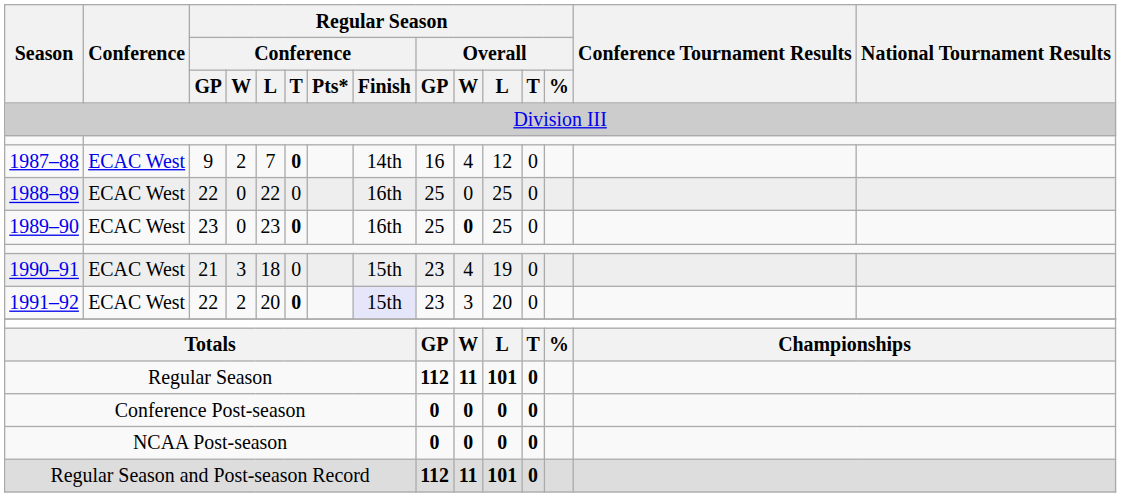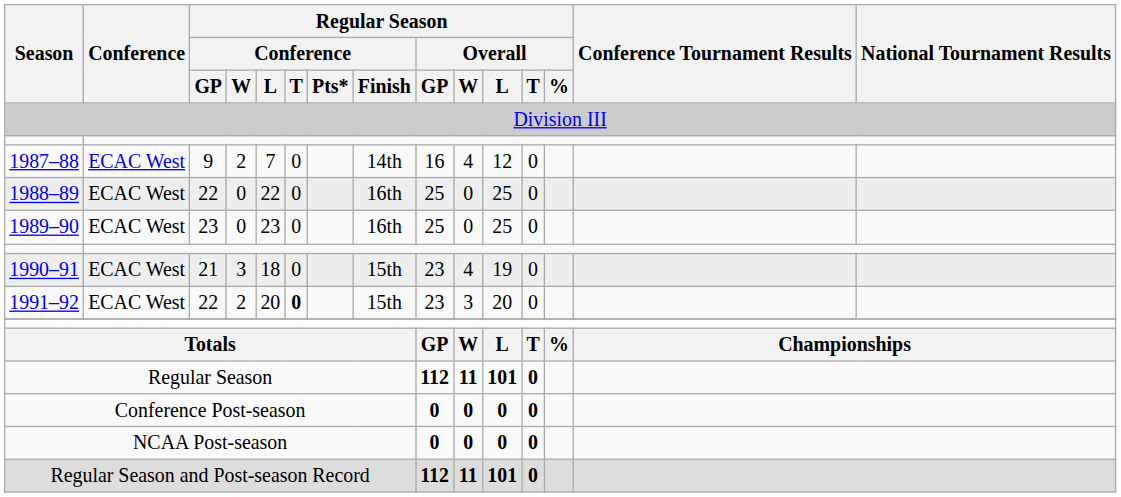 <table class="wikitable" style="text-align: center; font-size: 95%">
 <tr>
 <th rowspan="3">Season</th>
 <th rowspan="3">Conference</th>
 <th colspan="11">Regular Season</th>
 <th rowspan="3">Conference Tournament Results</th>
 <th rowspan="3">National Tournament Results</th>
 </tr>
 <tr>
 <th colspan="6">Conference</th>
 <th colspan="5">Overall</th>
 </tr>
 <tr>
 <th>GP</th>
 <th>W</th>
 <th>L</th>
 <th>T</th>
 <th>Pts*</th>
 <th>Finish</th>
 <th>GP</th>
 <th>W</th>
 <th>L</th>
 <th>T</th>
 <th>%</th>
 </tr>
 <tr>
 <td style="background:#cccccc;" colspan="15"><a href='#'>Division III</a></td>
 </tr>
 <tr>
 <td><a href='#'></a> </td>
 </tr>
 <tr>
 <td><a href='#'>1987–88</a></td>
 <td><a href='#'>ECAC West</a></td>
 <td>9</td>
 <td>2</td>
 <td>7</td>
-<td><strong>0</strong></td>
+<td>0</td>
 <td></td>
 <td>14th</td>
 <td>16</td>
 <td>4</td>
 <td>12</td>
 <td>0</td>
 <td></td>
 <td align="left"></td>
 <td align="left"></td>
 </tr>
 <tr bgcolor=eeeeee>
 <td><a href='#'>1988–89</a></td>
 <td>ECAC West</td>
 <td>22</td>
 <td>0</td>
 <td>22</td>
 <td>0</td>
 <td></td>
 <td>16th</td>
 <td>25</td>
 <td>0</td>
 <td>25</td>
 <td>0</td>
 <td></td>
 <td align="left"></td>
 <td align="left"></td>
 </tr>
 <tr>
 <td><a href='#'>1989–90</a></td>
 <td>ECAC West</td>
 <td>23</td>
 <td>0</td>
 <td>23</td>
-<td><strong>0</strong></td>
+<td>0</td>
 <td></td>
 <td>16th</td>
 <td>25</td>
-<td><strong>0</strong></td>
+<td>0</td>
 <td>25</td>
 <td>0</td>
 <td></td>
 <td align="left"></td>
 <td align="left"></td>
 </tr>
 <tr>
 <td><a href='#'></a> </td>
 </tr>
 <tr bgcolor=eeeeee>
 <td><a href='#'>1990–91</a></td>
 <td>ECAC West</td>
 <td>21</td>
 <td>3</td>
 <td>18</td>
 <td>0</td>
 <td></td>
 <td>15th</td>
 <td>23</td>
 <td>4</td>
 <td>19</td>
 <td>0</td>
 <td></td>
 <td align="left"></td>
 <td align="left"></td>
 </tr>
 <tr>
 <td><a href='#'>1991–92</a></td>
 <td>ECAC West</td>
 <td>22</td>
 <td>2</td>
 <td>20</td>
 <td><strong>0</strong></td>
 <td></td>
-<td style="background: lavender;">15th</td>
+<td>15th</td>
 <td>23</td>
 <td>3</td>
 <td>20</td>
 <td>0</td>
 <td></td>
 <td align="left"></td>
 <td align="left"></td>
 </tr>
 <tr>
 </tr>
 <tr ->
 </tr>
 <tr>
 <td colspan="15" style="background:#fff;"></td>
 </tr>
 <tr>
 <th colspan="8">Totals</th>
 <th>GP</th>
 <th>W</th>
 <th>L</th>
 <th>T</th>
 <th>%</th>
 <th colspan="2">Championships</th>
 </tr>
 <tr>
 <td colspan="8">Regular Season</td>
 <td><strong>112</strong></td>
 <td><strong>11</strong></td>
 <td><strong>101</strong></td>
 <td><strong>0</strong></td>
 <td><strong></strong></td>
 <td colspan="2" align="left"></td>
 </tr>
 <tr>
 <td colspan="8">Conference Post-season</td>
 <td><strong>0</strong></td>
 <td><strong>0</strong></td>
 <td><strong>0</strong></td>
 <td><strong>0</strong></td>
 <td><strong></strong></td>
 <td colspan="2" align="left"></td>
 </tr>
 <tr>
 <td colspan="8">NCAA Post-season</td>
 <td><strong>0</strong></td>
 <td><strong>0</strong></td>
 <td><strong>0</strong></td>
 <td><strong>0</strong></td>
 <td><strong></strong></td>
 <td colspan="2" align="left"></td>
 </tr>
 <tr bgcolor=dddddd>
 <td colspan="8">Regular Season and Post-season Record</td>
 <td><strong>112</strong></td>
 <td><strong>11</strong></td>
 <td><strong>101</strong></td>
 <td><strong>0</strong></td>
 <td><strong></strong></td>
 <td colspan="2" align="left"></td>
 </tr>
 </table>
